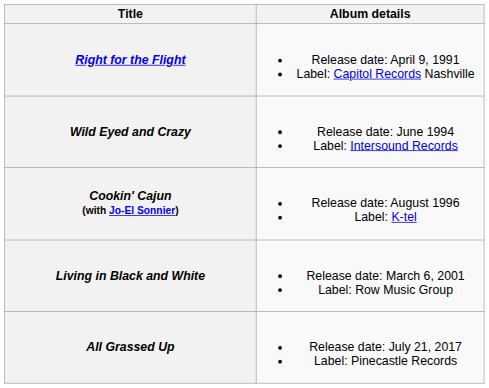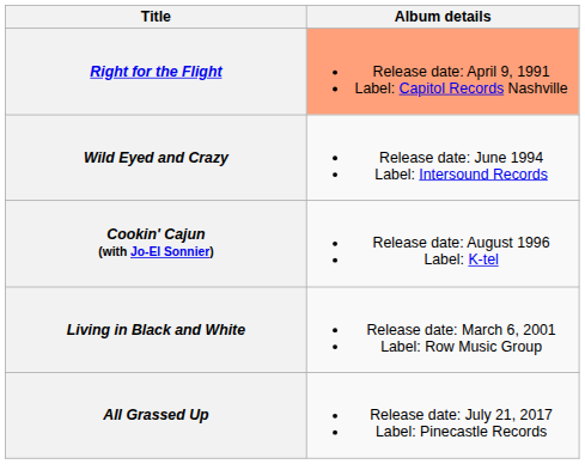 <table class="wikitable plainrowheaders" style="text-align:center;">
 <tr>
 <th style="width:20em;">Title</th>
 <th style="width:18em;">Album details</th>
 </tr>
 <tr>
 <th scope="row"><em><a href='#'>Right for the Flight</a></em></th>
-<td><br><ul><li>Release date: April 9, 1991</li><li>Label: <a href='#'>Capitol Records</a> Nashville</li></ul></td>
+<td style="background: lightsalmon;"><br><ul><li>Release date: April 9, 1991</li><li>Label: <a href='#'>Capitol Records</a> Nashville</li></ul></td>
 </tr>
 <tr>
 <th scope="row"><em>Wild Eyed and Crazy</em></th>
 <td><br><ul><li>Release date: June 1994</li><li>Label: <a href='#'>Intersound Records</a></li></ul></td>
 </tr>
 <tr>
 <th scope="row"><em>Cookin' Cajun</em><br><small>(with <a href='#'>Jo-El Sonnier</a>)</small></th>
 <td><br><ul><li>Release date: August 1996</li><li>Label: <a href='#'>K-tel</a></li></ul></td>
 </tr>
 <tr>
 <th scope="row"><em>Living in Black and White</em></th>
 <td><br><ul><li>Release date: March 6, 2001</li><li>Label: Row Music Group</li></ul></td>
 </tr>
 <tr>
 <th scope="row"><em>All Grassed Up</em><br></th>
 <td><br><ul><li>Release date: July 21, 2017</li><li>Label: Pinecastle Records</li></ul></td>
 </tr>
 </table>
